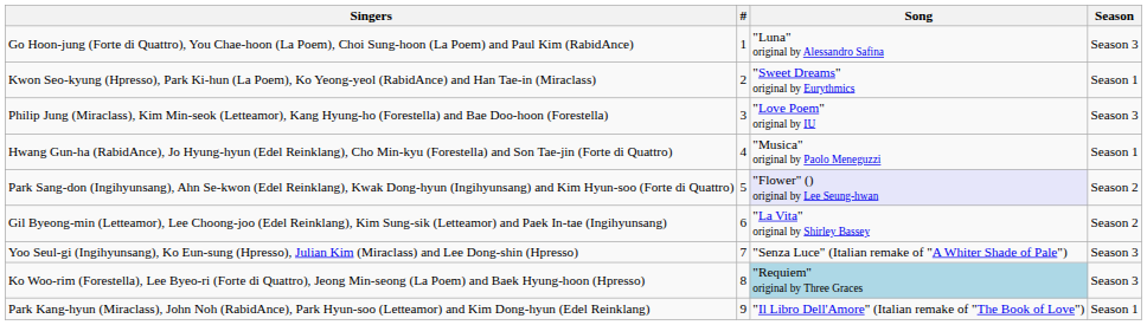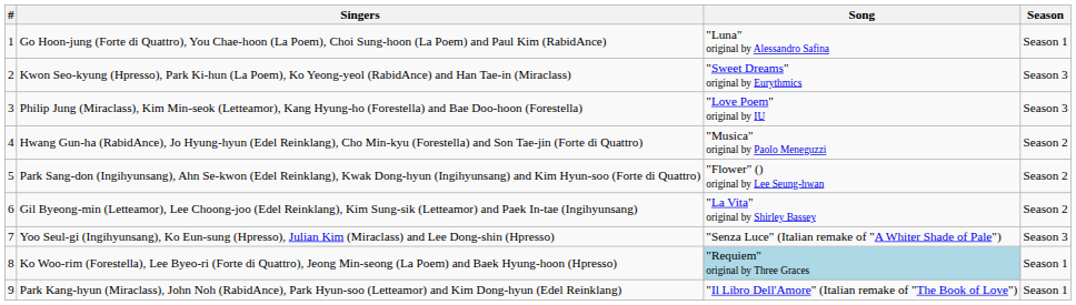 <table class="wikitable">
 <tr>
+<th style="text-align:center;">#</th>
 <th style="text-align:center;">Singers</th>
-<th style="text-align:center;">#</th>
 <th style="text-align:center;">Song</th>
 <th style="text-align:center;">Season</th>
 </tr>
 <tr>
+<td>1</td>
 <td>Go Hoon-jung (Forte di Quattro), You Chae-hoon (La Poem), Choi Sung-hoon (La Poem) and Paul Kim (RabidAnce)</td>
-<td>1</td>
 <td>"Luna" <br> <small>original by <a href='#'>Alessandro Safina</a></small></td>
+<td>Season 1</td>
+</tr>
+<tr>
+<td>2</td>
+<td>Kwon Seo-kyung (Hpresso), Park Ki-hun (La Poem), Ko Yeong-yeol (RabidAnce) and Han Tae-in (Miraclass)</td>
+<td>"<a href='#'>Sweet Dreams</a>" <br> <small>original by <a href='#'>Eurythmics</a></small></td>
 <td>Season 3</td>
 </tr>
 <tr>
-<td>Kwon Seo-kyung (Hpresso), Park Ki-hun (La Poem), Ko Yeong-yeol (RabidAnce) and Han Tae-in (Miraclass)</td>
-<td>2</td>
-<td>"<a href='#'>Sweet Dreams</a>" <br> <small>original by <a href='#'>Eurythmics</a></small></td>
-<td>Season 1</td>
-</tr>
-<tr>
+<td>3</td>
 <td>Philip Jung (Miraclass), Kim Min-seok (Letteamor), Kang Hyung-ho (Forestella) and Bae Doo-hoon (Forestella)</td>
-<td>3</td>
 <td>"<a href='#'>Love Poem</a>" <br> <small>original by <a href='#'>IU</a></small></td>
 <td>Season 3</td>
 </tr>
 <tr>
+<td>4</td>
 <td>Hwang Gun-ha (RabidAnce), Jo Hyung-hyun (Edel Reinklang), Cho Min-kyu (Forestella) and Son Tae-jin (Forte di Quattro)</td>
-<td>4</td>
 <td>"Musica" <br> <small>original by <a href='#'>Paolo Meneguzzi</a></small></td>
-<td>Season 1</td>
-</tr>
-<tr>
-<td>Park Sang-don (Ingihyunsang), Ahn Se-kwon (Edel Reinklang), Kwak Dong-hyun (Ingihyunsang) and Kim Hyun-soo (Forte di Quattro)</td>
-<td>5</td>
-<td style="background: lavender;">"Flower" () <br> <small>original by <a href='#'>Lee Seung-hwan</a></small></td>
 <td>Season 2</td>
 </tr>
 <tr>
+<td>5</td>
+<td>Park Sang-don (Ingihyunsang), Ahn Se-kwon (Edel Reinklang), Kwak Dong-hyun (Ingihyunsang) and Kim Hyun-soo (Forte di Quattro)</td>
+<td>"Flower" () <br> <small>original by <a href='#'>Lee Seung-hwan</a></small></td>
+<td>Season 2</td>
+</tr>
+<tr>
+<td>6</td>
 <td>Gil Byeong-min (Letteamor), Lee Choong-joo (Edel Reinklang), Kim Sung-sik (Letteamor) and Paek In-tae (Ingihyunsang)</td>
-<td>6</td>
 <td>"<a href='#'>La Vita</a>" <br> <small>original by <a href='#'>Shirley Bassey</a></small></td>
 <td>Season 2</td>
 </tr>
 <tr>
+<td>7</td>
 <td>Yoo Seul-gi (Ingihyunsang), Ko Eun-sung (Hpresso), <a href='#'>Julian Kim</a> (Miraclass) and Lee Dong-shin (Hpresso)</td>
-<td>7</td>
 <td>"Senza Luce" (Italian remake of "<a href='#'>A Whiter Shade of Pale</a>")</td>
 <td>Season 3</td>
 </tr>
 <tr>
+<td>8</td>
 <td>Ko Woo-rim (Forestella), Lee Byeo-ri (Forte di Quattro), Jeong Min-seong (La Poem) and Baek Hyung-hoon (Hpresso)</td>
-<td>8</td>
 <td style="background: lightblue;">"Requiem" <br> <small>original by Three Graces</small></td>
-<td>Season 3</td>
+<td>Season 1</td>
 </tr>
 <tr>
+<td>9</td>
 <td>Park Kang-hyun (Miraclass), John Noh (RabidAnce), Park Hyun-soo (Letteamor) and Kim Dong-hyun (Edel Reinklang)</td>
-<td>9</td>
 <td>"<a href='#'>Il Libro Dell'Amore</a>" (Italian remake of "<a href='#'>The Book of Love</a>")</td>
 <td>Season 1</td>
 </tr>
 </table>
